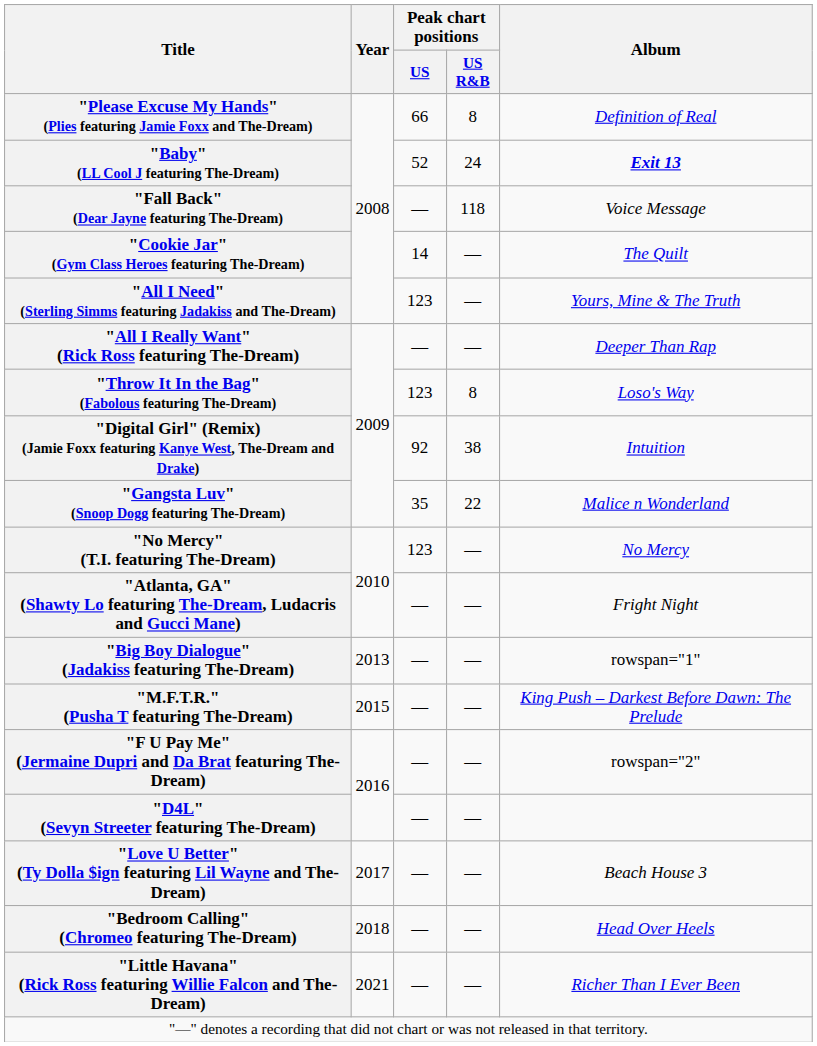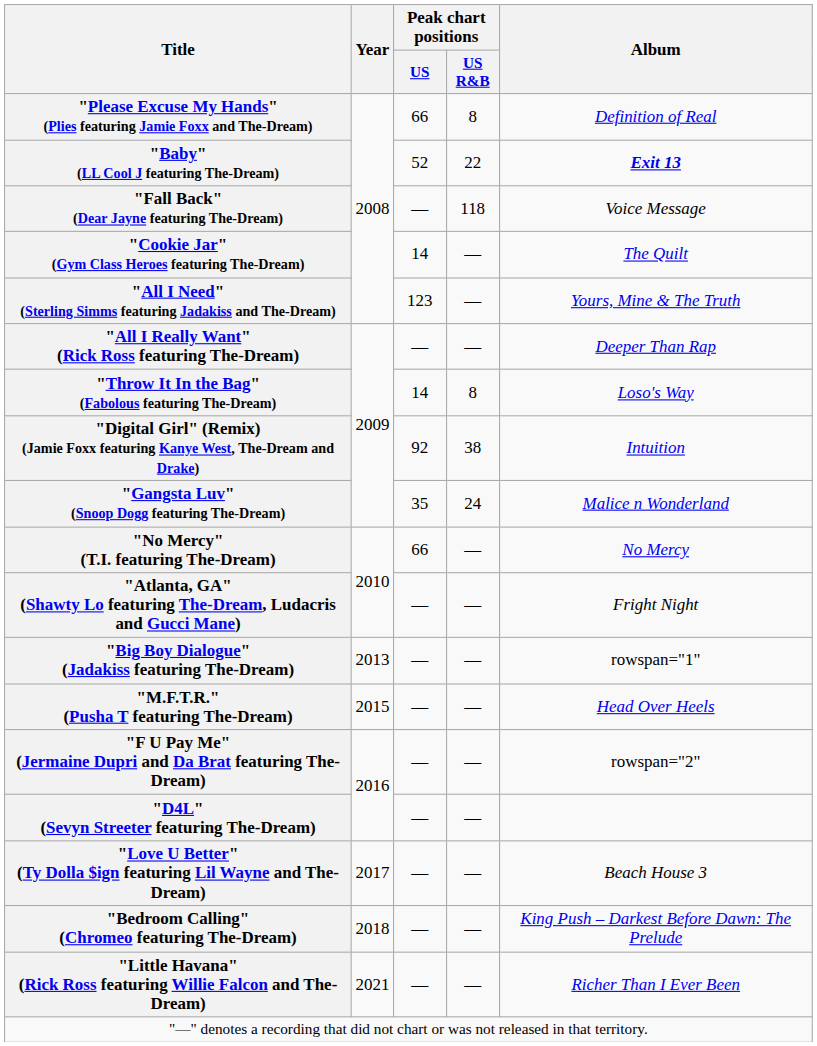 <table class="wikitable plainrowheaders" style="text-align:center;" border="1">
 <tr>
 <th scope="col" rowspan="2" style="width:20em;">Title</th>
 <th scope="col" rowspan="2">Year</th>
 <th scope="col" colspan="2">Peak chart positions</th>
 <th scope="col" rowspan="2" style="width:18em;">Album</th>
 </tr>
 <tr>
 <th scope="col" style="width:3em;font-size:90%;"><a href='#'>US</a><br></th>
 <th scope="col" style="width:3em;font-size:90%;"><a href='#'>US<br>R&B</a><br></th>
 </tr>
 <tr>
 <th scope="row">"<a href='#'>Please Excuse My Hands</a>" <br><small>(<a href='#'>Plies</a> featuring <a href='#'>Jamie Foxx</a> and The-Dream)</small></th>
 <td rowspan="5">2008</td>
 <td>66</td>
 <td>8</td>
 <td><em><a href='#'>Definition of Real</a></em></td>
 </tr>
 <tr>
 <th scope="row">"<a href='#'>Baby</a>" <br><small>(<a href='#'>LL Cool J</a> featuring The-Dream)</small></th>
 <td>52</td>
-<td>24</td>
+<td>22</td>
 <td><strong><em><a href='#'>Exit 13</a></em></strong></td>
 </tr>
 <tr>
 <th scope="row">"Fall Back" <br><small>(<a href='#'>Dear Jayne</a> featuring The-Dream)</small></th>
 <td>—</td>
 <td>118</td>
 <td><em>Voice Message</em></td>
 </tr>
 <tr>
 <th scope="row">"<a href='#'>Cookie Jar</a>" <br><small>(<a href='#'>Gym Class Heroes</a> featuring The-Dream)</small></th>
 <td>14</td>
 <td>—</td>
 <td><em><a href='#'>The Quilt</a></em></td>
 </tr>
 <tr>
 <th scope="row">"<a href='#'>All I Need</a>" <br><small>(<a href='#'>Sterling Simms</a> featuring <a href='#'>Jadakiss</a> and The-Dream)</small></th>
 <td>123</td>
 <td>—</td>
 <td><em><a href='#'>Yours, Mine & The Truth</a></em></td>
 </tr>
 <tr>
 <th scope="row">"<a href='#'>All I Really Want</a>" <br><span>(<a href='#'>Rick Ross</a> featuring The-Dream)</span></th>
 <td rowspan="4">2009</td>
 <td>—</td>
 <td>—</td>
 <td><em><a href='#'>Deeper Than Rap</a></em></td>
 </tr>
 <tr>
 <th scope="row">"<a href='#'>Throw It In the Bag</a>" <br><small>(<a href='#'>Fabolous</a> featuring The-Dream)</small></th>
-<td>123</td>
+<td>14</td>
 <td>8</td>
 <td><em><a href='#'>Loso's Way</a></em></td>
 </tr>
 <tr>
 <th scope="row">"Digital Girl" (Remix)<br><small>(Jamie Foxx featuring <a href='#'>Kanye West</a>, The-Dream and <a href='#'>Drake</a>)</small></th>
 <td>92</td>
 <td>38</td>
 <td><em><a href='#'>Intuition</a></em></td>
 </tr>
 <tr>
 <th scope="row">"<a href='#'>Gangsta Luv</a>" <br><small>(<a href='#'>Snoop Dogg</a> featuring The-Dream)</small></th>
 <td>35</td>
-<td>22</td>
+<td>24</td>
 <td><em><a href='#'>Malice n Wonderland</a></em></td>
 </tr>
 <tr>
 <th scope="row">"No Mercy"<br><span>(T.I. featuring The-Dream)</span></th>
 <td rowspan="2">2010</td>
-<td>123</td>
+<td>66</td>
 <td>—</td>
 <td><em><a href='#'>No Mercy</a></em></td>
 </tr>
 <tr>
 <th scope="row">"Atlanta, GA"<br><span>(<a href='#'>Shawty Lo</a> featuring <a href='#'>The-Dream</a>, Ludacris and <a href='#'>Gucci Mane</a>)</span></th>
 <td>—</td>
 <td>—</td>
 <td><em>Fright Night</em></td>
 </tr>
 <tr>
 <th scope="row">"<a href='#'>Big Boy Dialogue</a>" <br><span>(<a href='#'>Jadakiss</a> featuring The-Dream)</span></th>
 <td style="text-align:center;" rowspan="1">2013</td>
 <td>—</td>
 <td>—</td>
 <td>rowspan="1" </td>
 </tr>
 <tr>
 <th scope="row">"M.F.T.R." <br><span>(<a href='#'>Pusha T</a> featuring The-Dream)</span></th>
 <td>2015</td>
 <td>—</td>
 <td>—</td>
-<td><em><a href='#'>King Push – Darkest Before Dawn: The Prelude</a></em></td>
+<td><em><a href='#'>Head Over Heels</a></em></td>
 </tr>
 <tr>
 <th scope="row">"F U Pay Me" <br><span>(<a href='#'>Jermaine Dupri</a> and <a href='#'>Da Brat</a> featuring The-Dream)</span></th>
 <td rowspan="2">2016</td>
 <td>—</td>
 <td>—</td>
 <td>rowspan="2" </td>
 </tr>
 <tr>
 <th scope="row">"<a href='#'>D4L</a>" <br><span>(<a href='#'>Sevyn Streeter</a> featuring The-Dream)</span></th>
 <td>—</td>
 <td>—</td>
 </tr>
 <tr>
 <th scope="row">"<a href='#'>Love U Better</a>" <br><span>(<a href='#'>Ty Dolla $ign</a> featuring <a href='#'>Lil Wayne</a> and The-Dream)</span></th>
 <td>2017</td>
 <td>—</td>
 <td>—</td>
 <td><em>Beach House 3</em></td>
 </tr>
 <tr>
 <th scope="row">"Bedroom Calling" <br><span>(<a href='#'>Chromeo</a> featuring The-Dream)</span></th>
 <td>2018</td>
 <td>—</td>
 <td>—</td>
-<td><em><a href='#'>Head Over Heels</a></em></td>
+<td><em><a href='#'>King Push – Darkest Before Dawn: The Prelude</a></em></td>
 </tr>
 <tr>
 <th scope="row">"Little Havana" <br><span>(<a href='#'>Rick Ross</a> featuring <a href='#'>Willie Falcon</a> and The-Dream)</span></th>
 <td>2021</td>
 <td>—</td>
 <td>—</td>
 <td><em><a href='#'>Richer Than I Ever Been</a></em></td>
 </tr>
 <tr>
 <td colspan="5" style="font-size:90%">"—" denotes a recording that did not chart or was not released in that territory.</td>
 </tr>
 </table>
